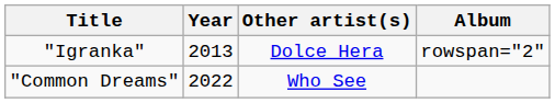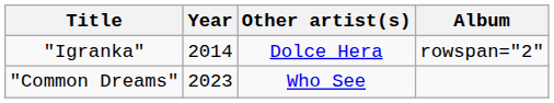 <table class="wikitable plainrowheaders" style="text-align:center;">
 <tr>
 <th scope="col">Title</th>
 <th scope="col">Year</th>
 <th scope="col">Other artist(s)</th>
 <th scope="col">Album</th>
 </tr>
 <tr>
 <td scope="row">"Igranka"</td>
-<td>2013</td>
+<td>2014</td>
 <td><a href='#'>Dolce Hera</a></td>
 <td>rowspan="2" </td>
 </tr>
 <tr>
 <td>"Common Dreams"</td>
-<td>2022</td>
+<td>2023</td>
 <td><a href='#'>Who See</a></td>
 </tr>
 </table>
